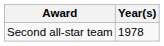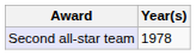 <table class="wikitable">
 <tr>
 <th>Award</th>
 <th>Year(s)</th>
 </tr>
 <tr>
-<td>Second all-star team</td>
+<td style="background: lavender;">Second all-star team</td>
 <td>1978</td>
 </tr>
 </table>
